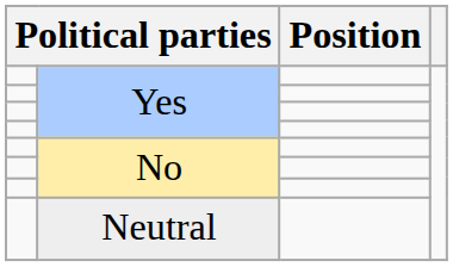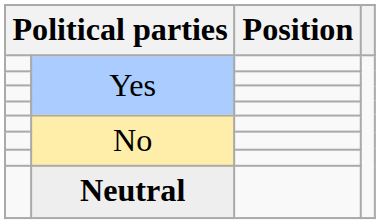 <table class="wikitable sortable" style="text-align:center;">
 <tr>
 <th colspan="2">Political parties</th>
 <th>Position</th>
 <th class="unsortable"></th>
 </tr>
 <tr>
 <td></td>
 <td rowspan="4" style="background:#acf; color:#000;">Yes</td>
 <td></td>
 </tr>
 <tr>
 <td></td>
 <td></td>
 </tr>
 <tr>
 <td></td>
 <td></td>
 </tr>
 <tr>
 <td></td>
 <td></td>
 </tr>
 <tr>
 <td></td>
 <td rowspan="3" style="background:#fea; color:#000;">No</td>
 <td></td>
 </tr>
 <tr>
 <td></td>
 <td></td>
 </tr>
 <tr>
 <td></td>
 <td></td>
 </tr>
 <tr>
 <td></td>
-<td style="background:#eee; color:#000;">Neutral</td>
+<td style="background:#eee; color:#000;"><strong>Neutral</strong></td>
 <td></td>
 </tr>
 </table>
